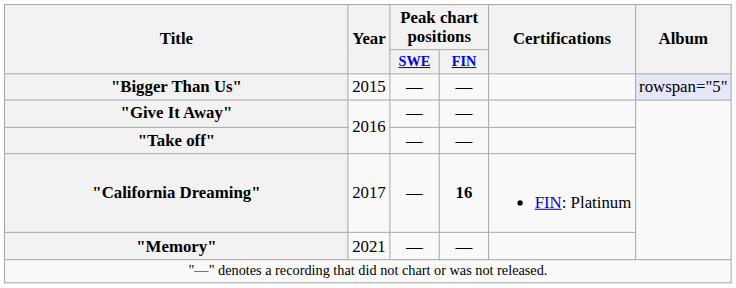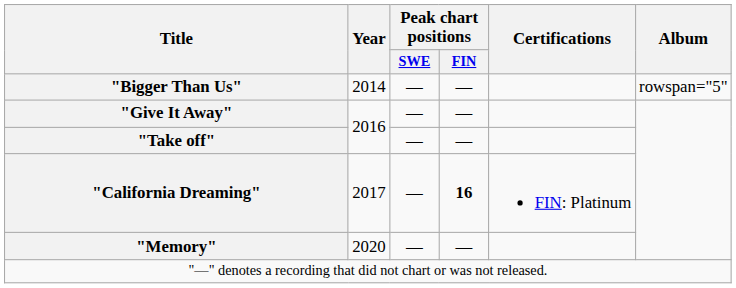 <table class="wikitable plainrowheaders" style="text-align:center;">
 <tr>
 <th scope="col" rowspan="2" style="width:20em;">Title</th>
 <th scope="col" rowspan="2" style="width:1em;">Year</th>
 <th scope="col" colspan="2">Peak chart positions</th>
 <th scope="col" rowspan="2">Certifications</th>
 <th scope="col" rowspan="2">Album</th>
 </tr>
 <tr>
 <th scope="col" style="width:3em;font-size:85%;"><a href='#'>SWE</a><br></th>
 <th scope="col" style="width:3em;font-size:85%;"><a href='#'>FIN</a><br></th>
 </tr>
 <tr>
 <th scope="row">"Bigger Than Us"<br></th>
-<td rowspan="1">2015</td>
+<td rowspan="1">2014</td>
 <td>—</td>
 <td>—</td>
 <td></td>
-<td style="background: lavender;">rowspan="5" </td>
+<td>rowspan="5" </td>
 </tr>
 <tr>
 <th scope="row">"Give It Away"<br></th>
 <td rowspan="2">2016</td>
 <td>—</td>
 <td>—</td>
 <td></td>
 </tr>
 <tr>
 <th scope="row">"Take off"<br></th>
 <td>—</td>
 <td>—</td>
 <td></td>
 </tr>
 <tr>
 <th scope="row">"California Dreaming"<br></th>
 <td>2017</td>
 <td>—</td>
 <td><strong>16</strong></td>
 <td><br><ul><li><a href='#'>FIN</a>: Platinum</li></ul></td>
 </tr>
 <tr>
 <th scope="row">"Memory"<br></th>
-<td>2021</td>
+<td>2020</td>
 <td>—</td>
 <td>—</td>
 <td></td>
 </tr>
 <tr>
 <td colspan="20" style="font-size:85%;">"—" denotes a recording that did not chart or was not released.</td>
 </tr>
 </table>
